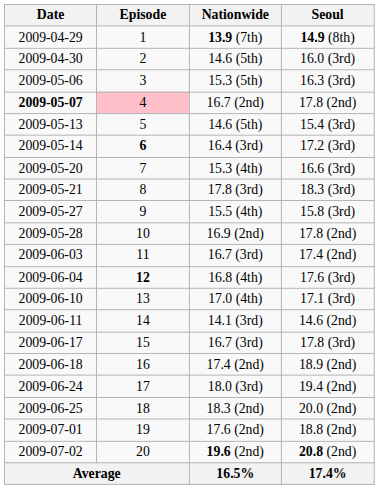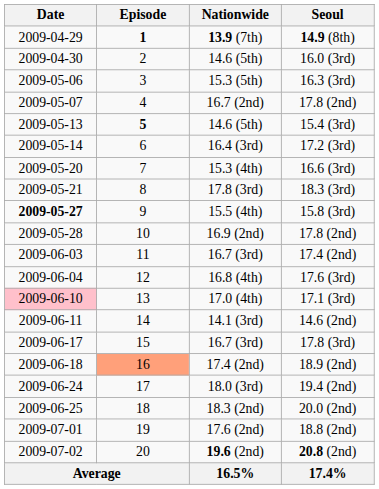 <table class="wikitable">
 <tr>
 <th width=100>Date</th>
 <th width=100>Episode</th>
 <th width=100>Nationwide</th>
 <th width=100>Seoul</th>
 </tr>
 <tr align=center>
 <td>2009-04-29</td>
-<td>1</td>
+<td><strong>1</strong></td>
 <td><span><strong>13.9</strong></span> (7th)</td>
 <td><span><strong>14.9</strong></span> (8th)</td>
 </tr>
 <tr align=center>
 <td>2009-04-30</td>
 <td>2</td>
 <td>14.6 (5th)</td>
 <td>16.0 (3rd)</td>
 </tr>
 <tr align=center>
 <td>2009-05-06</td>
 <td>3</td>
 <td>15.3 (5th)</td>
 <td>16.3 (3rd)</td>
 </tr>
 <tr align=center>
-<td><strong>2009-05-07</strong></td>
-<td style="background: pink;">4</td>
+<td>2009-05-07</td>
+<td>4</td>
 <td>16.7 (2nd)</td>
 <td>17.8 (2nd)</td>
 </tr>
 <tr align=center>
 <td>2009-05-13</td>
-<td>5</td>
+<td><strong>5</strong></td>
 <td>14.6 (5th)</td>
 <td>15.4 (3rd)</td>
 </tr>
 <tr align=center>
 <td>2009-05-14</td>
-<td><strong>6</strong></td>
+<td>6</td>
 <td>16.4 (3rd)</td>
 <td>17.2 (3rd)</td>
 </tr>
 <tr align=center>
 <td>2009-05-20</td>
 <td>7</td>
 <td>15.3 (4th)</td>
 <td>16.6 (3rd)</td>
 </tr>
 <tr align=center>
 <td>2009-05-21</td>
 <td>8</td>
 <td>17.8 (3rd)</td>
 <td>18.3 (3rd)</td>
 </tr>
 <tr align=center>
-<td>2009-05-27</td>
+<td><strong>2009-05-27</strong></td>
 <td>9</td>
 <td>15.5 (4th)</td>
 <td>15.8 (3rd)</td>
 </tr>
 <tr align=center>
 <td>2009-05-28</td>
 <td>10</td>
 <td>16.9 (2nd)</td>
 <td>17.8 (2nd)</td>
 </tr>
 <tr align=center>
 <td>2009-06-03</td>
 <td>11</td>
 <td>16.7 (3rd)</td>
 <td>17.4 (2nd)</td>
 </tr>
 <tr align=center>
 <td>2009-06-04</td>
-<td><strong>12</strong></td>
+<td>12</td>
 <td>16.8 (4th)</td>
 <td>17.6 (3rd)</td>
 </tr>
 <tr align=center>
-<td>2009-06-10</td>
+<td style="background: pink;">2009-06-10</td>
 <td>13</td>
 <td>17.0 (4th)</td>
 <td>17.1 (3rd)</td>
 </tr>
 <tr align=center>
 <td>2009-06-11</td>
 <td>14</td>
 <td>14.1 (3rd)</td>
 <td>14.6 (2nd)</td>
 </tr>
 <tr align=center>
 <td>2009-06-17</td>
 <td>15</td>
 <td>16.7 (3rd)</td>
 <td>17.8 (3rd)</td>
 </tr>
 <tr align=center>
 <td>2009-06-18</td>
-<td>16</td>
+<td style="background: lightsalmon;">16</td>
 <td>17.4 (2nd)</td>
 <td>18.9 (2nd)</td>
 </tr>
 <tr align=center>
 <td>2009-06-24</td>
 <td>17</td>
 <td>18.0 (3rd)</td>
 <td>19.4 (2nd)</td>
 </tr>
 <tr align=center>
 <td>2009-06-25</td>
 <td>18</td>
 <td>18.3 (2nd)</td>
 <td>20.0 (2nd)</td>
 </tr>
 <tr align=center>
 <td>2009-07-01</td>
 <td>19</td>
 <td>17.6 (2nd)</td>
 <td>18.8 (2nd)</td>
 </tr>
 <tr align=center>
 <td>2009-07-02</td>
 <td>20</td>
 <td><span><strong>19.6</strong></span> (2nd)</td>
 <td><span><strong>20.8</strong></span> (2nd)</td>
 </tr>
 <tr align="center">
 <th colspan=2>Average</th>
 <th>16.5%</th>
 <th>17.4%</th>
 </tr>
 </table>
